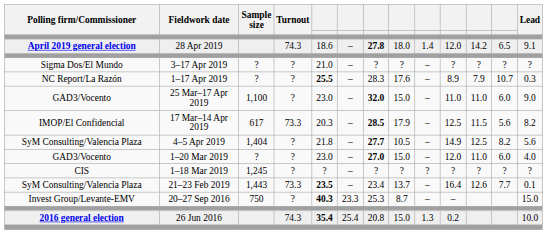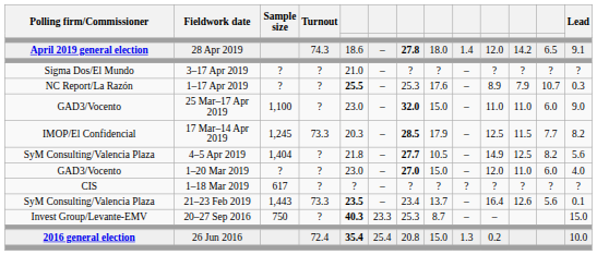 <table class="wikitable collapsible collapsed" style="text-align:center; font-size:95%; line-height:16px;">
 <tr style="height:42px;">
 <th style="width:250px;" rowspan="2">Polling firm/Commissioner</th>
 <th style="width:125px;" rowspan="2">Fieldwork date</th>
 <th style="width:50px;" rowspan="2">Sample size</th>
 <th style="width:45px;" rowspan="2">Turnout</th>
 <th style="width:35px;"></th>
 <th style="width:35px;"></th>
 <th style="width:35px;"></th>
 <th style="width:35px;"></th>
 <th style="width:35px;"></th>
 <th style="width:35px;"></th>
 <th style="width:35px;"></th>
 <th style="width:35px;"></th>
 <th style="width:30px;" rowspan="2">Lead</th>
 </tr>
 <tr>
 <th style="color:inherit;background:"></th>
 <th style="color:inherit;background:"></th>
 <th style="color:inherit;background:"></th>
 <th style="color:inherit;background:"></th>
 <th style="color:inherit;background:"></th>
 <th style="color:inherit;background:"></th>
 <th style="color:inherit;background:"></th>
 <th style="color:inherit;background:"></th>
 </tr>
 <tr>
 <td colspan="13" style="background:#A0A0A0"></td>
 </tr>
 <tr style="background:#EFEFEF;">
 <td><strong><a href='#'>April 2019 general election</a></strong></td>
 <td>28 Apr 2019</td>
 <td></td>
 <td>74.3</td>
 <td>18.6<br></td>
 <td>–</td>
 <td><strong>27.8</strong><br></td>
 <td>18.0<br></td>
 <td>1.4<br></td>
 <td>12.0<br></td>
 <td>14.2<br></td>
 <td>6.5<br></td>
 <td style="background:">9.1</td>
 </tr>
 <tr>
 <td colspan="13" style="background:#A0A0A0"></td>
 </tr>
 <tr>
 <td>Sigma Dos/El Mundo</td>
 <td>3–17 Apr 2019</td>
 <td>?</td>
 <td>?</td>
 <td>21.0<br></td>
 <td>–</td>
 <td>?<br></td>
 <td>?<br></td>
 <td>–</td>
 <td>?<br></td>
 <td>?<br></td>
 <td>?<br></td>
 <td style="background:">?</td>
 </tr>
 <tr>
 <td>NC Report/La Razón</td>
 <td>1–17 Apr 2019</td>
 <td>?</td>
 <td>?</td>
 <td><strong>25.5</strong><br></td>
 <td>–</td>
-<td>28.3<br></td>
+<td>25.3<br></td>
 <td>17.6<br></td>
 <td>–</td>
 <td>8.9<br></td>
 <td>7.9<br></td>
 <td>10.7<br></td>
 <td style="background:">0.3</td>
 </tr>
 <tr>
 <td>GAD3/Vocento</td>
 <td>25 Mar–17 Apr 2019</td>
 <td>1,100</td>
 <td>?</td>
 <td>23.0<br></td>
 <td>–</td>
 <td><strong>32.0</strong><br></td>
 <td>15.0<br></td>
 <td>–</td>
 <td>11.0<br></td>
 <td>11.0<br></td>
 <td>6.0<br></td>
 <td style="background:">9.0</td>
 </tr>
 <tr>
 <td>IMOP/El Confidencial</td>
 <td>17 Mar–14 Apr 2019</td>
-<td>617</td>
+<td>1,245</td>
 <td>73.3</td>
 <td>20.3<br></td>
 <td>–</td>
 <td><strong>28.5</strong><br></td>
 <td>17.9<br></td>
 <td>–</td>
 <td>12.5<br></td>
 <td>11.5<br></td>
-<td>5.6<br></td>
+<td>7.7<br></td>
 <td style="background:">8.2</td>
 </tr>
 <tr>
 <td>SyM Consulting/Valencia Plaza</td>
 <td>4–5 Apr 2019</td>
 <td>1,404</td>
 <td>?</td>
 <td>21.8<br></td>
 <td>–</td>
 <td><strong>27.7</strong><br></td>
 <td>10.5<br></td>
 <td>–</td>
 <td>14.9<br></td>
 <td>12.5<br></td>
 <td>8.2<br></td>
 <td style="background:">5.6</td>
 </tr>
 <tr>
 <td>GAD3/Vocento</td>
 <td>1–20 Mar 2019</td>
 <td>?</td>
 <td>?</td>
 <td>23.0<br></td>
 <td>–</td>
 <td><strong>27.0</strong><br></td>
 <td>15.0<br></td>
 <td>–</td>
 <td>12.0<br></td>
 <td>11.0<br></td>
 <td>6.0<br></td>
 <td style="background:">4.0</td>
 </tr>
 <tr>
 <td>CIS</td>
 <td>1–18 Mar 2019</td>
-<td>1,245</td>
+<td>617</td>
 <td>?</td>
 <td>?<br></td>
 <td>–</td>
 <td>?<br></td>
 <td>?<br></td>
 <td>?<br></td>
 <td>?<br></td>
 <td>?<br></td>
 <td>?<br></td>
 <td style="background:">?</td>
 </tr>
 <tr>
 <td>SyM Consulting/Valencia Plaza</td>
 <td>21–23 Feb 2019</td>
 <td>1,443</td>
 <td>73.3</td>
 <td><strong>23.5</strong><br></td>
 <td>–</td>
 <td>23.4<br></td>
 <td>13.7<br></td>
 <td>–</td>
 <td>16.4<br></td>
 <td>12.6<br></td>
-<td>7.7<br></td>
+<td>5.6<br></td>
 <td style="background:">0.1</td>
 </tr>
 <tr>
 <td>Invest Group/Levante-EMV</td>
 <td>20–27 Sep 2016</td>
 <td>750</td>
 <td>?</td>
 <td><strong>40.3</strong><br></td>
 <td>23.3<br></td>
 <td>25.3<br></td>
 <td>8.7<br></td>
 <td>–</td>
 <td>–</td>
 <td></td>
 <td></td>
 <td style="background:">15.0</td>
 </tr>
 <tr>
 <td colspan="13" style="background:#A0A0A0"></td>
 </tr>
 <tr style="background:#EFEFEF;">
 <td><strong><a href='#'>2016 general election</a></strong></td>
 <td>26 Jun 2016</td>
 <td></td>
-<td>74.3</td>
+<td>72.4</td>
 <td><strong>35.4</strong><br></td>
 <td>25.4<br></td>
 <td>20.8<br></td>
 <td>15.0<br></td>
 <td>1.3<br></td>
 <td>0.2<br></td>
 <td></td>
 <td></td>
 <td style="background:">10.0</td>
 </tr>
 <tr>
 <td colspan="13" style="background:#A0A0A0"></td>
 </tr>
 </table>
